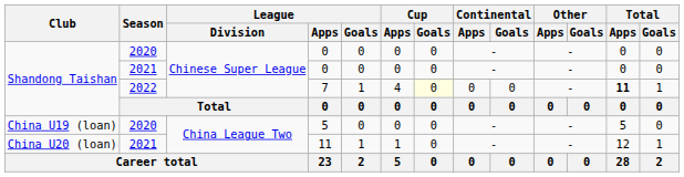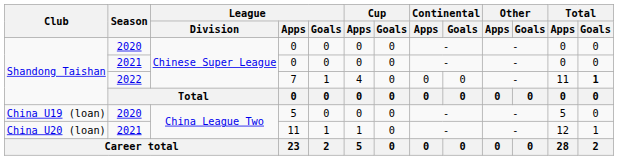 <table class="wikitable" style="text-align: center">
 <tr>
 <th rowspan="2">Club</th>
 <th rowspan="2">Season</th>
 <th colspan="3">League</th>
 <th colspan="2">Cup</th>
 <th colspan="2">Continental</th>
 <th colspan="2">Other</th>
 <th colspan="2">Total</th>
 </tr>
 <tr>
 <th>Division</th>
 <th>Apps</th>
 <th>Goals</th>
 <th>Apps</th>
 <th>Goals</th>
 <th>Apps</th>
 <th>Goals</th>
 <th>Apps</th>
 <th>Goals</th>
 <th>Apps</th>
 <th>Goals</th>
 </tr>
 <tr>
 <td rowspan="4"><a href='#'>Shandong Taishan</a></td>
 <td><a href='#'>2020</a></td>
 <td rowspan="3"><a href='#'>Chinese Super League</a></td>
 <td>0</td>
 <td>0</td>
 <td>0</td>
 <td>0</td>
 <td colspan="2">-</td>
 <td colspan="2">-</td>
 <td>0</td>
 <td>0</td>
 </tr>
 <tr>
 <td><a href='#'>2021</a></td>
 <td>0</td>
 <td>0</td>
 <td>0</td>
 <td>0</td>
 <td colspan="2">-</td>
 <td colspan="2">-</td>
 <td>0</td>
 <td>0</td>
 </tr>
 <tr>
 <td><a href='#'>2022</a></td>
 <td>7</td>
 <td>1</td>
 <td>4</td>
-<td style="background: lightyellow;">0</td>
+<td>0</td>
 <td>0</td>
 <td>0</td>
 <td colspan="2">-</td>
-<td><strong>11</strong></td>
-<td>1</td>
+<td>11</td>
+<td><strong>1</strong></td>
 </tr>
 <tr>
 <th colspan=2>Total</th>
 <th>0</th>
 <th>0</th>
 <th>0</th>
 <th>0</th>
 <th>0</th>
 <th>0</th>
 <th>0</th>
 <th>0</th>
 <th>0</th>
 <th>0</th>
 </tr>
 <tr>
 <td><a href='#'>China U19</a> (loan)</td>
 <td><a href='#'>2020</a></td>
 <td rowspan="2"><a href='#'>China League Two</a></td>
 <td>5</td>
 <td>0</td>
 <td>0</td>
 <td>0</td>
 <td colspan="2">-</td>
 <td colspan="2">-</td>
 <td>5</td>
 <td>0</td>
 </tr>
 <tr>
 <td><a href='#'>China U20</a> (loan)</td>
 <td><a href='#'>2021</a></td>
 <td>11</td>
 <td>1</td>
 <td>1</td>
 <td>0</td>
 <td colspan="2">-</td>
 <td colspan="2">-</td>
 <td>12</td>
 <td>1</td>
 </tr>
 <tr>
 <th colspan=3>Career total</th>
 <th>23</th>
 <th>2</th>
 <th>5</th>
 <th>0</th>
 <th>0</th>
 <th>0</th>
 <th>0</th>
 <th>0</th>
 <th>28</th>
 <th>2</th>
 </tr>
 </table>
